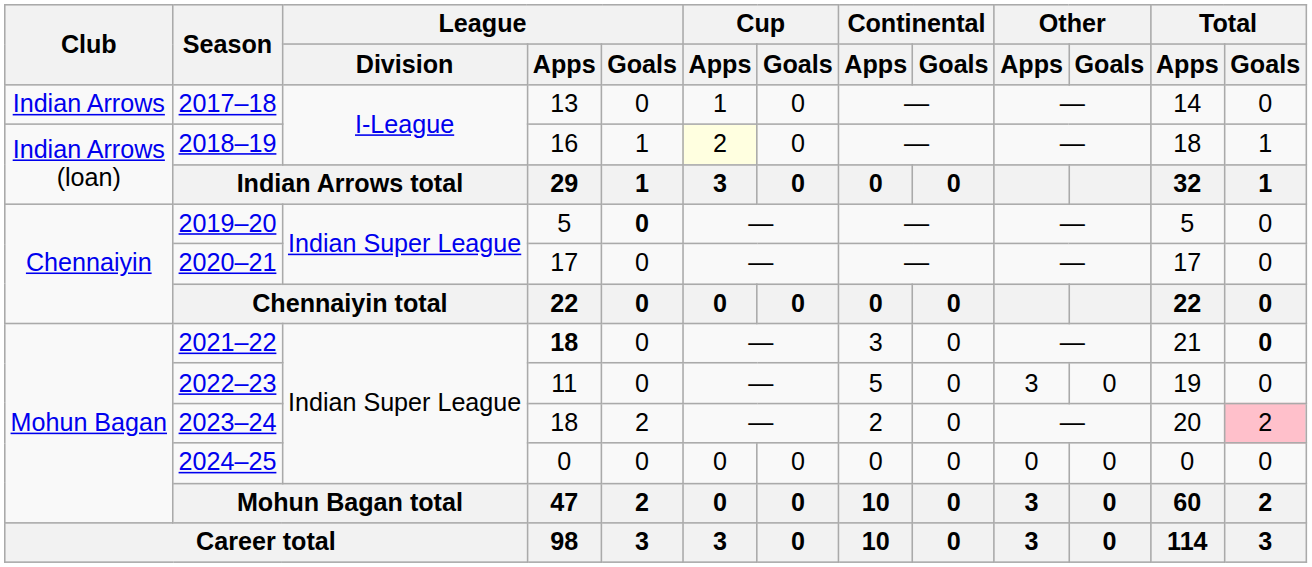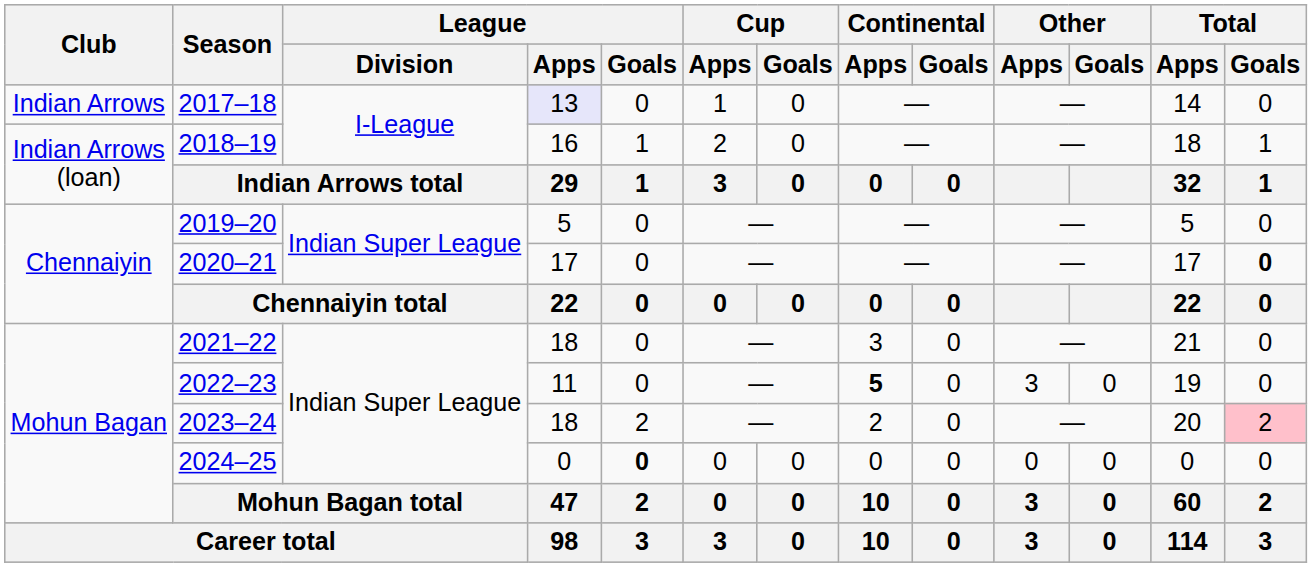 <table class="wikitable" style="text-align: center;">
 <tr>
 <th rowspan="2">Club</th>
 <th rowspan="2">Season</th>
 <th colspan="3">League</th>
 <th colspan="2">Cup</th>
 <th colspan="2">Continental</th>
 <th colspan="2">Other</th>
 <th colspan="2">Total</th>
 </tr>
 <tr>
 <th>Division</th>
 <th>Apps</th>
 <th>Goals</th>
 <th>Apps</th>
 <th>Goals</th>
 <th>Apps</th>
 <th>Goals</th>
 <th>Apps</th>
 <th>Goals</th>
 <th>Apps</th>
 <th>Goals</th>
 </tr>
 <tr>
 <td rowspan="1"><a href='#'>Indian Arrows</a></td>
 <td><a href='#'>2017–18</a></td>
 <td rowspan="2"><a href='#'>I-League</a></td>
-<td>13</td>
+<td style="background: lavender;">13</td>
 <td>0</td>
 <td>1</td>
 <td>0</td>
 <td colspan="2">—</td>
 <td colspan="2">—</td>
 <td>14</td>
 <td>0</td>
 </tr>
 <tr>
 <td rowspan="2"><a href='#'>Indian Arrows</a> <br>(loan)</td>
 <td><a href='#'>2018–19</a></td>
 <td>16</td>
 <td>1</td>
-<td style="background: lightyellow;">2</td>
+<td>2</td>
 <td>0</td>
 <td colspan="2">—</td>
 <td colspan="2">—</td>
 <td>18</td>
 <td>1</td>
 </tr>
 <tr>
 <th colspan="2">Indian Arrows total</th>
 <th>29</th>
 <th>1</th>
 <th>3</th>
 <th>0</th>
 <th>0</th>
 <th>0</th>
 <th></th>
 <th></th>
 <th>32</th>
 <th>1</th>
 </tr>
 <tr>
 <td rowspan="3"><a href='#'>Chennaiyin</a></td>
 <td><a href='#'>2019–20</a></td>
 <td rowspan="2"><a href='#'>Indian Super League</a></td>
 <td>5</td>
-<td><strong>0</strong></td>
+<td>0</td>
 <td colspan="2">—</td>
 <td colspan="2">—</td>
 <td colspan="2">—</td>
 <td>5</td>
 <td>0</td>
 </tr>
 <tr>
 <td><a href='#'>2020–21</a></td>
 <td>17</td>
 <td>0</td>
 <td colspan="2">—</td>
 <td colspan="2">—</td>
 <td colspan="2">—</td>
 <td>17</td>
-<td>0</td>
+<td><strong>0</strong></td>
 </tr>
 <tr>
 <th colspan="2">Chennaiyin total</th>
 <th>22</th>
 <th>0</th>
 <th>0</th>
 <th>0</th>
 <th>0</th>
 <th>0</th>
 <th></th>
 <th></th>
 <th>22</th>
 <th>0</th>
 </tr>
 <tr>
 <td rowspan="5"><a href='#'>Mohun Bagan</a></td>
 <td><a href='#'>2021–22</a></td>
 <td rowspan="4">Indian Super League</td>
-<td><strong>18</strong></td>
+<td>18</td>
 <td>0</td>
 <td colspan="2">—</td>
 <td>3</td>
 <td>0</td>
 <td colspan="2">—</td>
 <td>21</td>
-<td><strong>0</strong></td>
+<td>0</td>
 </tr>
 <tr>
 <td><a href='#'>2022–23</a></td>
 <td>11</td>
 <td>0</td>
 <td colspan="2">—</td>
-<td>5</td>
+<td><strong>5</strong></td>
 <td>0</td>
 <td>3</td>
 <td>0</td>
 <td>19</td>
 <td>0</td>
 </tr>
 <tr>
 <td><a href='#'>2023–24</a></td>
 <td>18</td>
 <td>2</td>
 <td colspan="2">—</td>
 <td>2</td>
 <td>0</td>
 <td colspan="2">—</td>
 <td>20</td>
 <td style="background: pink;">2</td>
 </tr>
 <tr>
 <td><a href='#'>2024–25</a></td>
 <td>0</td>
-<td>0</td>
+<td><strong>0</strong></td>
 <td>0</td>
 <td>0</td>
 <td>0</td>
 <td>0</td>
 <td>0</td>
 <td>0</td>
 <td>0</td>
 <td>0</td>
 </tr>
 <tr>
 <th colspan="2">Mohun Bagan total</th>
 <th>47</th>
 <th>2</th>
 <th>0</th>
 <th>0</th>
 <th>10</th>
 <th>0</th>
 <th>3</th>
 <th>0</th>
 <th>60</th>
 <th>2</th>
 </tr>
 <tr>
 <th colspan="3">Career total</th>
 <th>98</th>
 <th>3</th>
 <th>3</th>
 <th>0</th>
 <th>10</th>
 <th>0</th>
 <th>3</th>
 <th>0</th>
 <th>114</th>
 <th>3</th>
 </tr>
 </table>
